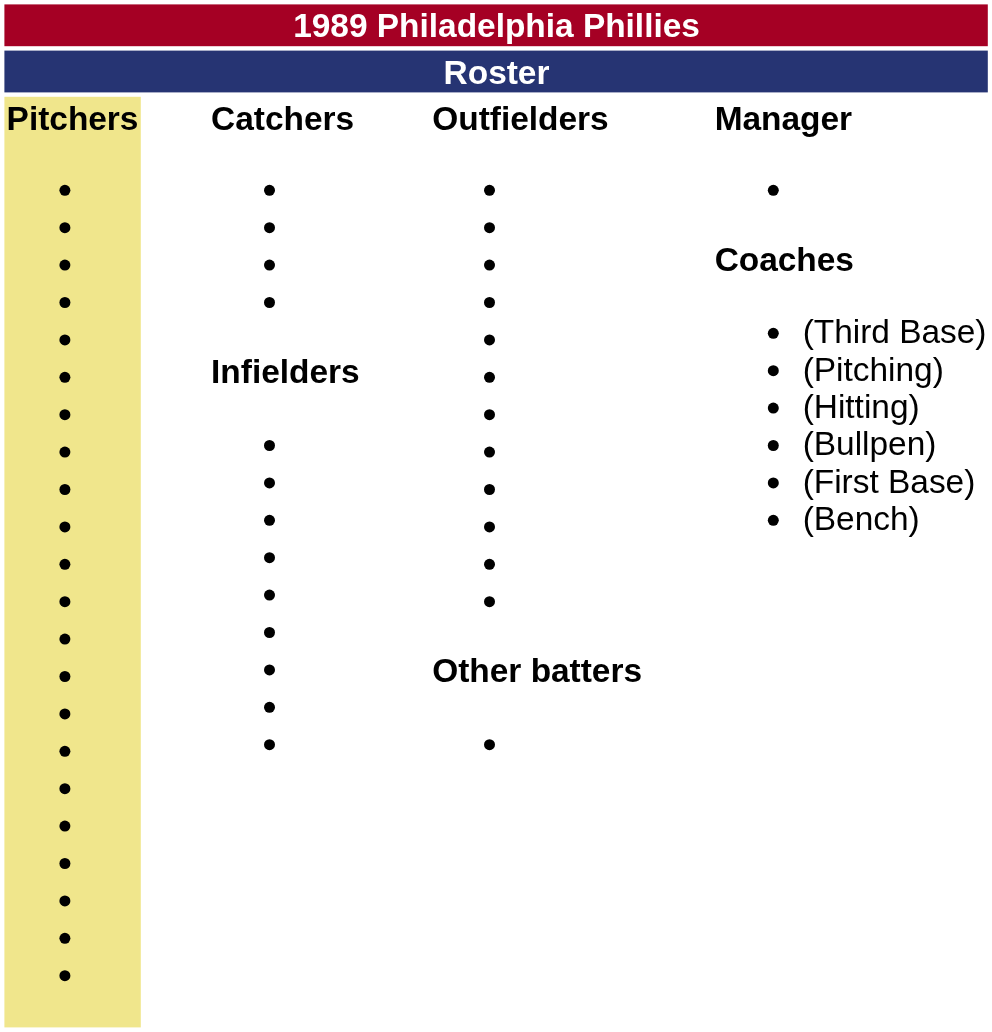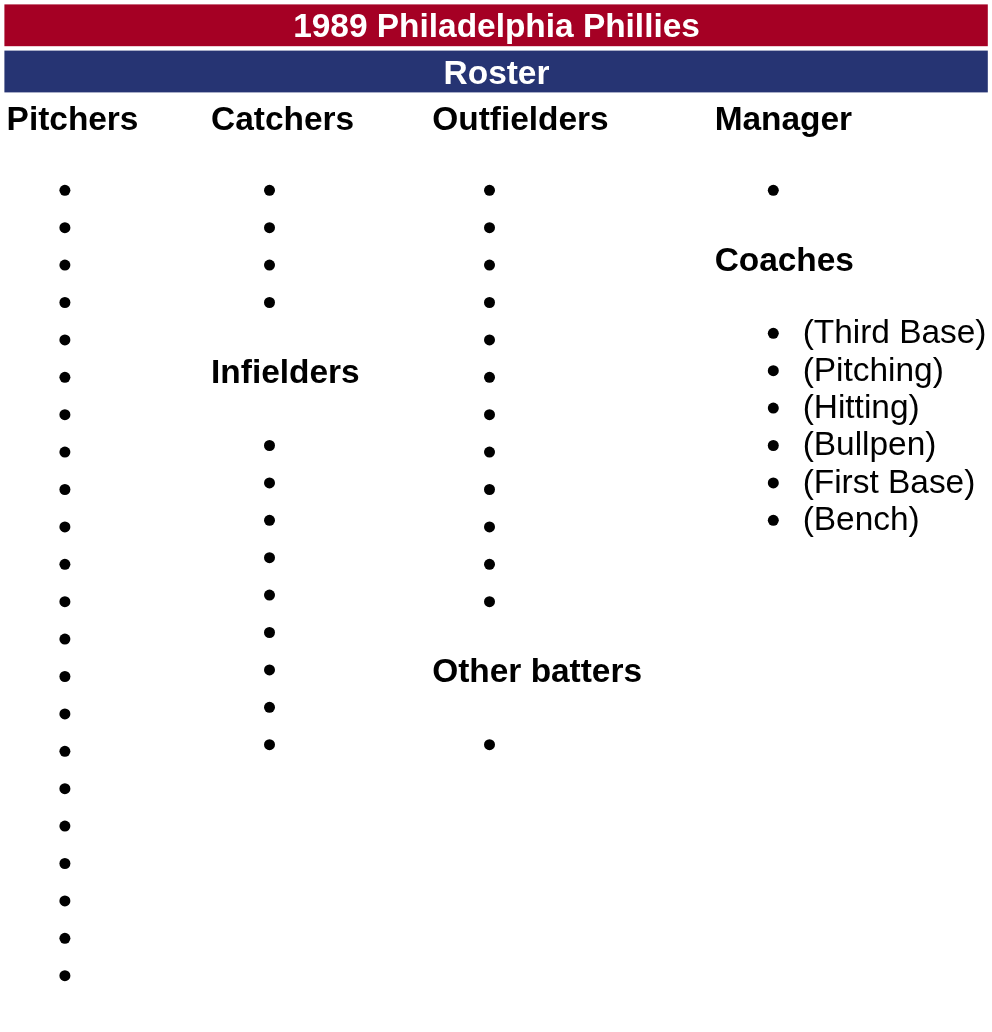 <table class="toccolours" style="font-size: 95%;">
 <tr>
 <th colspan="10" style="background-color: #A50024; color: #FFFFFF; text-align: center;">1989 Philadelphia Phillies</th>
 </tr>
 <tr>
 <td colspan="10" style="background-color: #263473; color: white; text-align: center;"><strong>Roster</strong></td>
 </tr>
 <tr>
-<td valign="top" style="background: khaki;"><strong>Pitchers</strong><br><ul><li></li><li></li><li></li><li></li><li></li><li></li><li></li><li></li><li></li><li></li><li></li><li></li><li></li><li></li><li></li><li></li><li></li><li></li><li></li><li></li><li></li><li></li></ul></td>
+<td valign="top"><strong>Pitchers</strong><br><ul><li></li><li></li><li></li><li></li><li></li><li></li><li></li><li></li><li></li><li></li><li></li><li></li><li></li><li></li><li></li><li></li><li></li><li></li><li></li><li></li><li></li><li></li></ul></td>
 <td width="25px"></td>
 <td valign="top"><strong>Catchers</strong><br><ul><li></li><li></li><li></li><li></li></ul><strong>Infielders</strong><ul><li></li><li></li><li></li><li></li><li></li><li></li><li></li><li></li><li></li></ul></td>
 <td width="25px"></td>
 <td valign="top"><strong>Outfielders</strong><br><ul><li></li><li></li><li></li><li></li><li></li><li></li><li></li><li></li><li></li><li></li><li></li><li></li></ul><strong>Other batters</strong><ul><li></li></ul></td>
 <td width="25px"></td>
 <td valign="top"><strong>Manager</strong><br><ul><li></li></ul><strong>Coaches</strong><ul><li> (Third Base)</li><li> (Pitching)</li><li> (Hitting)</li><li> (Bullpen)</li><li> (First Base)</li><li> (Bench)</li></ul></td>
 </tr>
 <tr>
 </tr>
 </table>
